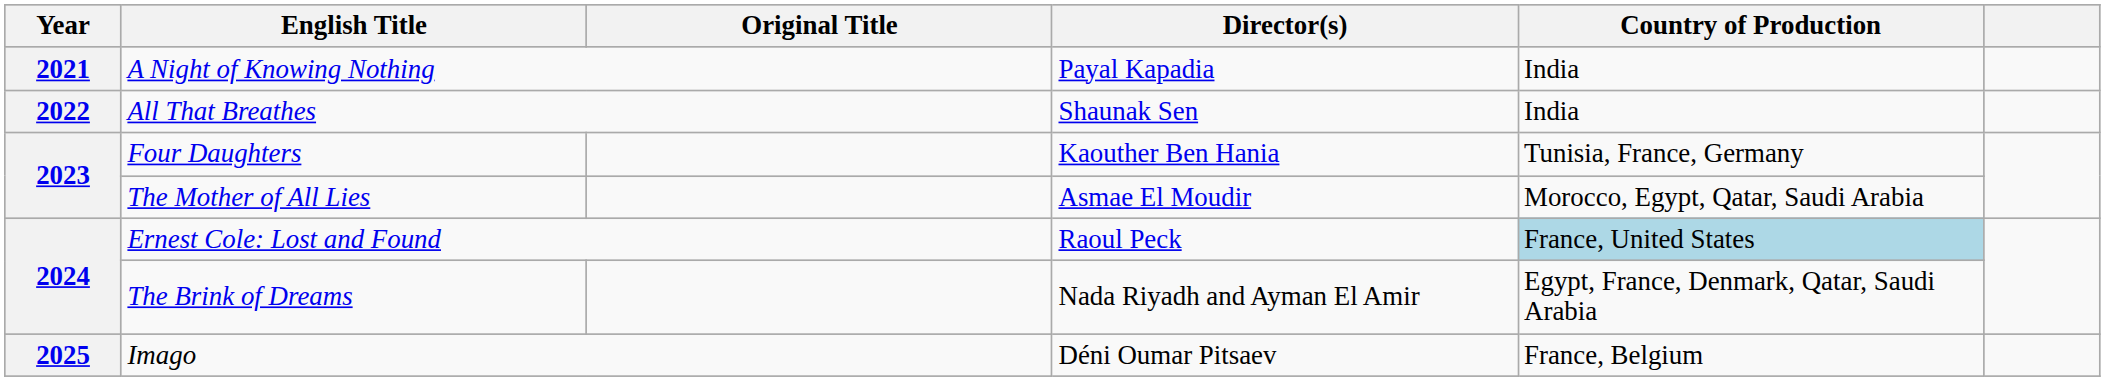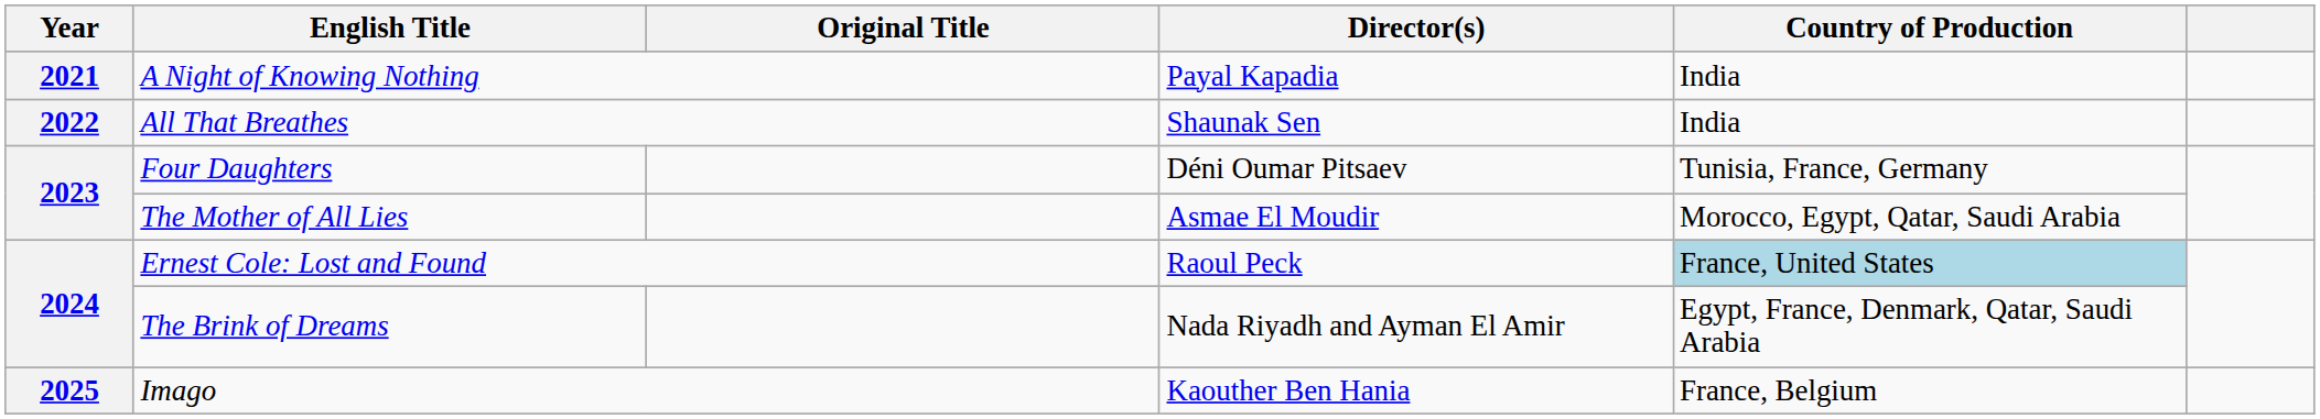 <table class="wikitable">
 <tr>
 <th scope="col" style="width:5%;">Year</th>
 <th scope="col" style="width:20%;">English Title</th>
 <th scope="col" style="width:20%;">Original Title</th>
 <th scope="col" style="width:20%;">Director(s)</th>
 <th scope="col" style="width:20%;">Country of Production</th>
 <th scope="col" style="width:5%;"></th>
 </tr>
 <tr>
 <th align="center"><a href='#'>2021</a></th>
 <td colspan="2"><em><a href='#'>A Night of Knowing Nothing</a></em></td>
 <td><a href='#'>Payal Kapadia</a></td>
 <td>India</td>
 <td></td>
 </tr>
 <tr>
 <th align="center"><a href='#'>2022</a></th>
 <td colspan="2"><em><a href='#'>All That Breathes</a></em></td>
 <td><a href='#'>Shaunak Sen</a></td>
 <td>India</td>
 <td></td>
 </tr>
 <tr>
 <th rowspan="2" align="center"><a href='#'>2023</a></th>
 <td><em><a href='#'>Four Daughters</a></em></td>
 <td></td>
-<td><a href='#'>Kaouther Ben Hania</a></td>
+<td>Déni Oumar Pitsaev</td>
 <td>Tunisia, France, Germany</td>
 <td rowspan="2"></td>
 </tr>
 <tr>
 <td><em><a href='#'>The Mother of All Lies</a></em></td>
 <td></td>
 <td><a href='#'>Asmae El Moudir</a></td>
 <td>Morocco, Egypt, Qatar, Saudi Arabia</td>
 </tr>
 <tr>
 <th rowspan="2" align="center"><a href='#'>2024</a></th>
 <td colspan="2"><em><a href='#'>Ernest Cole: Lost and Found</a></em></td>
 <td><a href='#'>Raoul Peck</a></td>
 <td style="background: lightblue;">France, United States</td>
 <td rowspan="2"></td>
 </tr>
 <tr>
 <td><em><a href='#'>The Brink of Dreams</a></em></td>
 <td></td>
 <td>Nada Riyadh and Ayman El Amir</td>
 <td>Egypt, France, Denmark, Qatar, Saudi Arabia</td>
 </tr>
 <tr>
 <th align="center"><a href='#'>2025</a></th>
 <td colspan="2"><em>Imago</em></td>
-<td>Déni Oumar Pitsaev</td>
+<td><a href='#'>Kaouther Ben Hania</a></td>
 <td>France, Belgium</td>
 <td></td>
 </tr>
 </table>
